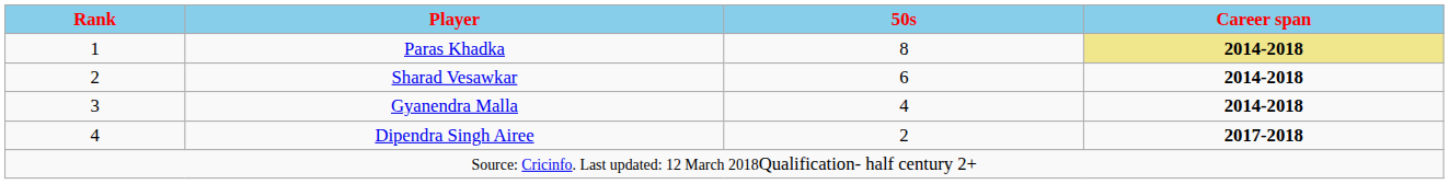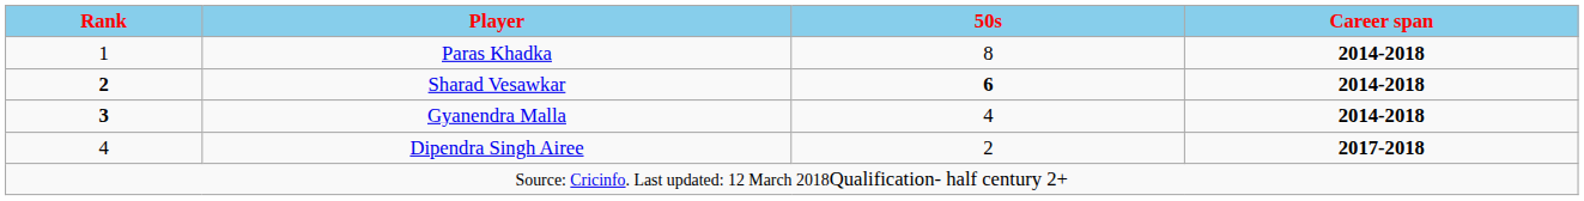 <table style="width:100%; text-align:center;" class="wikitable">
 <tr style="background:#9cf;">
 <th style="background:SkyBlue; color:Red; width:5%;" scope="col">Rank</th>
 <th style="background:SkyBlue; color:Red; width:15%;" scope="col">Player</th>
 <th style="background:SkyBlue; color:Red; width:10%;" scope="col">50s</th>
 <th style="background:SkyBlue; color:Red; width:10%;" scope="col">Career span</th>
 </tr>
 <tr>
 <td>1</td>
 <td><a href='#'>Paras Khadka</a></td>
 <td>8</td>
-<td style="background: khaki;"><strong>2014-2018</strong></td>
-</tr>
-<tr>
-<td>2</td>
-<td><a href='#'>Sharad Vesawkar</a></td>
-<td>6</td>
 <td><strong>2014-2018</strong></td>
 </tr>
 <tr>
-<td>3</td>
+<td><strong>2</strong></td>
+<td><a href='#'>Sharad Vesawkar</a></td>
+<td><strong>6</strong></td>
+<td><strong>2014-2018</strong></td>
+</tr>
+<tr>
+<td><strong>3</strong></td>
 <td><a href='#'>Gyanendra Malla</a></td>
 <td>4</td>
 <td><strong>2014-2018</strong></td>
 </tr>
 <tr>
 <td>4</td>
 <td><a href='#'>Dipendra Singh Airee</a></td>
 <td>2</td>
 <td><strong>2017-2018</strong></td>
 </tr>
 <tr>
 <td colspan="4"><small>Source: <a href='#'>Cricinfo</a>. Last updated: 12 March 2018</small>Qualification- half century 2+</td>
 </tr>
 </table>
